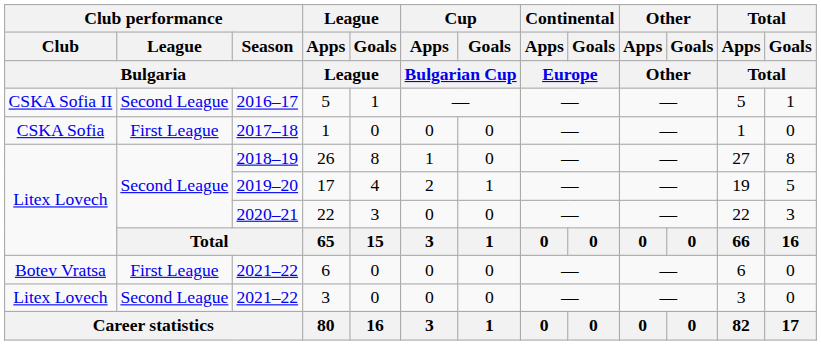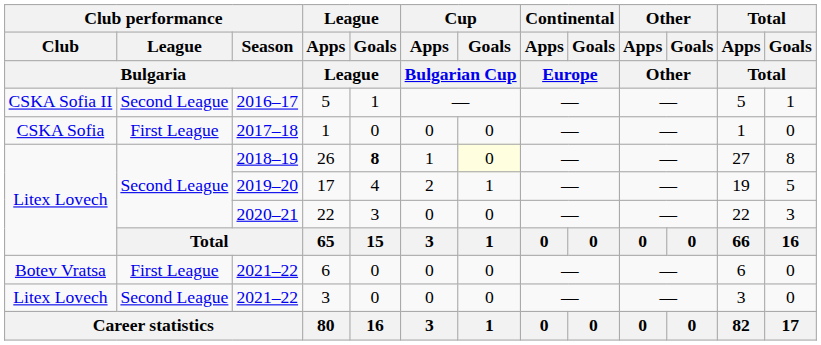 <table class="wikitable" style="text-align: center">
 <tr>
 <th Colspan="3">Club performance</th>
 <th Colspan="2">League</th>
 <th Colspan="2">Cup</th>
 <th Colspan="2">Continental</th>
 <th Colspan="2">Other</th>
 <th Colspan="3">Total</th>
 </tr>
 <tr>
 <th>Club</th>
 <th>League</th>
 <th>Season</th>
 <th>Apps</th>
 <th>Goals</th>
 <th>Apps</th>
 <th>Goals</th>
 <th>Apps</th>
 <th>Goals</th>
 <th>Apps</th>
 <th>Goals</th>
 <th>Apps</th>
 <th>Goals</th>
 </tr>
 <tr>
 <th Colspan="3">Bulgaria</th>
 <th Colspan="2">League</th>
 <th Colspan="2"><a href='#'>Bulgarian Cup</a></th>
 <th Colspan="2"><a href='#'>Europe</a></th>
 <th Colspan="2">Other</th>
 <th Colspan="2">Total</th>
 </tr>
 <tr>
 <td rowspan="1" valign="center"><a href='#'>CSKA Sofia II</a></td>
 <td rowspan="1"><a href='#'>Second League</a></td>
 <td><a href='#'>2016–17</a></td>
 <td>5</td>
 <td>1</td>
 <td colspan="2">—</td>
 <td colspan="2">—</td>
 <td colspan="2">—</td>
 <td>5</td>
 <td>1</td>
 </tr>
 <tr>
 <td rowspan="1" valign="center"><a href='#'>CSKA Sofia</a></td>
 <td rowspan="1"><a href='#'>First League</a></td>
 <td><a href='#'>2017–18</a></td>
 <td>1</td>
 <td>0</td>
 <td>0</td>
 <td>0</td>
 <td colspan="2">—</td>
 <td colspan="2">—</td>
 <td>1</td>
 <td>0</td>
 </tr>
 <tr>
 <td rowspan="4" valign="center"><a href='#'>Litex Lovech</a></td>
 <td rowspan="3"><a href='#'>Second League</a></td>
 <td><a href='#'>2018–19</a></td>
 <td>26</td>
-<td>8</td>
+<td><strong>8</strong></td>
 <td>1</td>
-<td>0</td>
+<td style="background: lightyellow;">0</td>
 <td colspan="2">—</td>
 <td colspan="2">—</td>
 <td>27</td>
 <td>8</td>
 </tr>
 <tr>
 <td><a href='#'>2019–20</a></td>
 <td>17</td>
 <td>4</td>
 <td>2</td>
 <td>1</td>
 <td colspan="2">—</td>
 <td colspan="2">—</td>
 <td>19</td>
 <td>5</td>
 </tr>
 <tr>
 <td><a href='#'>2020–21</a></td>
 <td>22</td>
 <td>3</td>
 <td>0</td>
 <td>0</td>
 <td colspan="2">—</td>
 <td colspan="2">—</td>
 <td>22</td>
 <td>3</td>
 </tr>
 <tr>
 <th colspan="2">Total</th>
 <th>65</th>
 <th>15</th>
 <th>3</th>
 <th>1</th>
 <th>0</th>
 <th>0</th>
 <th>0</th>
 <th>0</th>
 <th>66</th>
 <th>16</th>
 </tr>
 <tr>
 <td rowspan="1" valign="center"><a href='#'>Botev Vratsa</a></td>
 <td rowspan="1"><a href='#'>First League</a></td>
 <td><a href='#'>2021–22</a></td>
 <td>6</td>
 <td>0</td>
 <td>0</td>
 <td>0</td>
 <td colspan="2">—</td>
 <td colspan="2">—</td>
 <td>6</td>
 <td>0</td>
 </tr>
 <tr>
 <td rowspan="1" valign="center"><a href='#'>Litex Lovech</a></td>
 <td rowspan="1"><a href='#'>Second League</a></td>
 <td><a href='#'>2021–22</a></td>
 <td>3</td>
 <td>0</td>
 <td>0</td>
 <td>0</td>
 <td colspan="2">—</td>
 <td colspan="2">—</td>
 <td>3</td>
 <td>0</td>
 </tr>
 <tr>
 <th colspan="3">Career statistics</th>
 <th>80</th>
 <th>16</th>
 <th>3</th>
 <th>1</th>
 <th>0</th>
 <th>0</th>
 <th>0</th>
 <th>0</th>
 <th>82</th>
 <th>17</th>
 </tr>
 </table>
